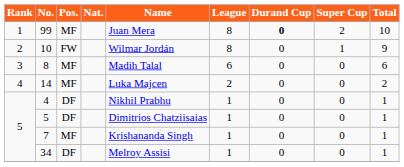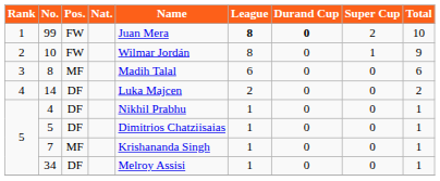 <table class="wikitable" style="font-size; text-align: center;">
 <tr>
 <th style="background:#FD6019; color:#FFFFFF; text-align:center;">Rank</th>
 <th style="background:#FD6019; color:#FFFFFF; text-align:center;">No.</th>
 <th style="background:#FD6019; color:#FFFFFF; text-align:center;">Pos.</th>
 <th style="background:#FD6019; color:#FFFFFF; text-align:center;">Nat.</th>
 <th style="background:#FD6019; color:#FFFFFF; text-align:center;">Name</th>
 <th style="background:#FD6019; color:#FFFFFF; text-align:center;">League</th>
 <th style="background:#FD6019; color:#FFFFFF; text-align:center;">Durand Cup</th>
 <th style="background:#FD6019; color:#FFFFFF; text-align:center;">Super Cup</th>
 <th style="background:#FD6019; color:#FFFFFF; text-align:center;">Total</th>
 </tr>
 <tr>
 <td>1</td>
 <td>99</td>
-<td>MF</td>
+<td>FW</td>
 <td></td>
 <td align="left"><a href='#'>Juan Mera</a></td>
-<td>8</td>
+<td><strong>8</strong></td>
 <td><strong>0</strong></td>
 <td>2</td>
 <td>10</td>
 </tr>
 <tr>
 <td rowspan="1">2</td>
 <td>10</td>
 <td>FW</td>
 <td></td>
 <td align="left"><a href='#'>Wilmar Jordán</a></td>
 <td>8</td>
 <td>0</td>
 <td>1</td>
 <td>9</td>
 </tr>
 <tr>
 <td rowspan="1">3</td>
 <td>8</td>
 <td>MF</td>
 <td></td>
 <td align="left"><a href='#'>Madih Talal</a></td>
 <td>6</td>
 <td>0</td>
 <td>0</td>
 <td>6</td>
 </tr>
 <tr>
 <td rowspan="1">4</td>
 <td>14</td>
-<td>MF</td>
+<td>DF</td>
 <td></td>
 <td align="left"><a href='#'>Luka Majcen</a></td>
 <td>2</td>
 <td>0</td>
 <td>0</td>
 <td>2</td>
 </tr>
 <tr>
 <td rowspan="4">5</td>
 <td>4</td>
 <td>DF</td>
 <td></td>
 <td align="left"><a href='#'>Nikhil Prabhu</a></td>
 <td>1</td>
 <td>0</td>
 <td>0</td>
 <td>1</td>
 </tr>
 <tr>
 <td>5</td>
 <td>DF</td>
 <td></td>
 <td align="left"><a href='#'>Dimitrios Chatziisaias</a></td>
 <td>1</td>
 <td>0</td>
 <td>0</td>
 <td>1</td>
 </tr>
 <tr>
 <td>7</td>
 <td>MF</td>
 <td></td>
 <td align="left"><a href='#'>Krishananda Singh</a></td>
 <td>1</td>
 <td>0</td>
 <td>0</td>
 <td>1</td>
 </tr>
 <tr>
 <td>34</td>
 <td>DF</td>
 <td></td>
 <td align="left"><a href='#'>Melroy Assisi</a></td>
 <td>1</td>
 <td>0</td>
 <td>0</td>
 <td>1</td>
 </tr>
 <tr>
 </tr>
 </table>
